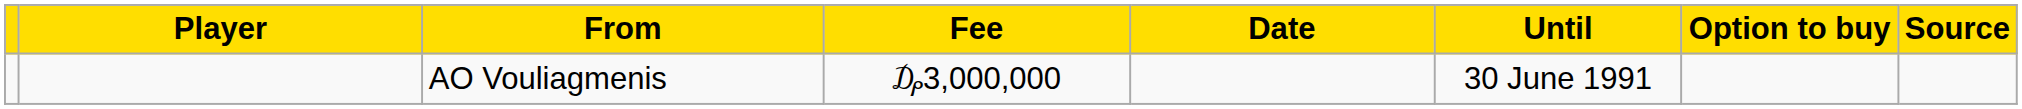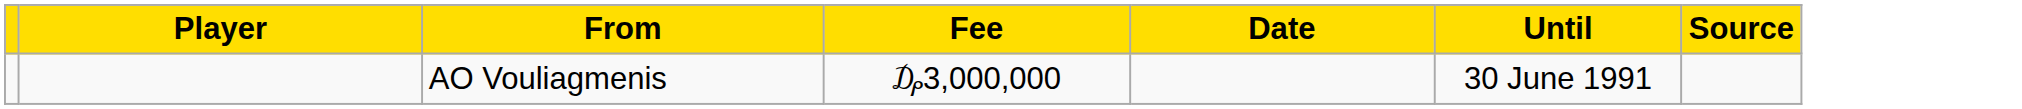 <table class="wikitable sortable">
 <tr>
 <th style="background:#FFDE00"></th>
 <th width=200 style="background:#FFDE00">Player</th>
 <th width=200 style="background:#FFDE00">From</th>
 <th width=150 style="background:#FFDE00">Fee</th>
 <th width=150 style="background:#FFDE00">Date</th>
 <th width=120 style="background:#FFDE00">Until</th>
-<th style="background:#FFDE00">Option to buy</th>
 <th style="background:#FFDE00">Source</th>
 </tr>
 <tr>
 <td align=center></td>
 <td></td>
 <td> AO Vouliagmenis</td>
 <td align=center>₯3,000,000</td>
 <td align=center></td>
 <td align=center>30 June 1991</td>
 <td align=center></td>
-<td align=center></td>
 </tr>
 </table>
